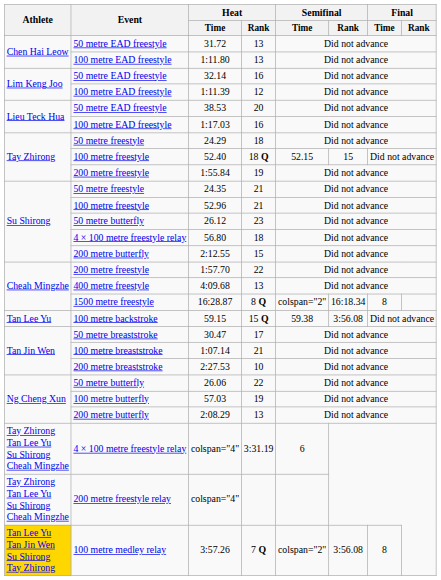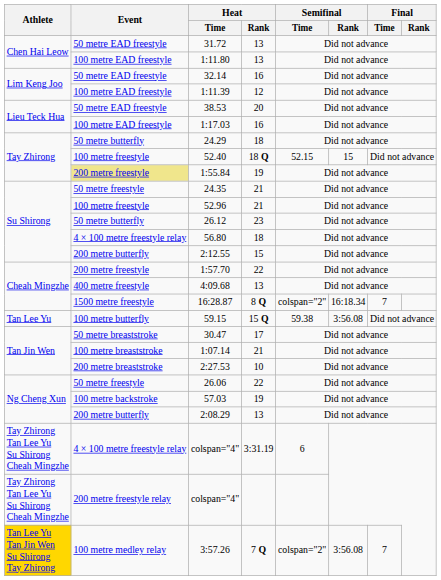 <table class="wikitable" style="font-size:90%">
 <tr>
 <th rowspan="2">Athlete</th>
 <th rowspan="2">Event</th>
 <th colspan="2">Heat</th>
 <th colspan="2">Semifinal</th>
 <th colspan="2">Final</th>
 </tr>
 <tr style="font-size:95%">
 <th>Time</th>
 <th>Rank</th>
 <th>Time</th>
 <th>Rank</th>
 <th>Time</th>
 <th>Rank</th>
 </tr>
 <tr align="center">
 <td rowspan="2" align="left"><a href='#'>Chen Hai Leow</a></td>
 <td align="left"><a href='#'>50 metre EAD freestyle</a></td>
 <td>31.72</td>
 <td>13</td>
 <td colspan="4">Did not advance</td>
 </tr>
 <tr align="center">
 <td align="left"><a href='#'>100 metre EAD freestyle</a></td>
 <td>1:11.80</td>
 <td>13</td>
 <td colspan="4">Did not advance</td>
 </tr>
 <tr align="center">
 <td rowspan="2" align="left"><a href='#'>Lim Keng Joo</a></td>
 <td align="left"><a href='#'>50 metre EAD freestyle</a></td>
 <td>32.14</td>
 <td>16</td>
 <td colspan="4">Did not advance</td>
 </tr>
 <tr align="center">
 <td align="left"><a href='#'>100 metre EAD freestyle</a></td>
 <td>1:11.39</td>
 <td>12</td>
 <td colspan="4">Did not advance</td>
 </tr>
 <tr align="center">
 <td rowspan="2" align="left"><a href='#'>Lieu Teck Hua</a></td>
 <td align="left"><a href='#'>50 metre EAD freestyle</a></td>
 <td>38.53</td>
 <td>20</td>
 <td colspan="4">Did not advance</td>
 </tr>
 <tr align="center">
 <td align="left"><a href='#'>100 metre EAD freestyle</a></td>
 <td>1:17.03</td>
 <td>16</td>
 <td colspan="4">Did not advance</td>
 </tr>
 <tr align="center">
 <td align="left"  rowspan="3"><a href='#'>Tay Zhirong</a></td>
-<td align="left"><a href='#'>50 metre freestyle</a></td>
+<td align="left"><a href='#'>50 metre butterfly</a></td>
 <td>24.29</td>
 <td>18</td>
 <td colspan="4">Did not advance</td>
 </tr>
 <tr align="center">
 <td align="left"><a href='#'>100 metre freestyle</a></td>
 <td>52.40</td>
 <td>18 <strong>Q</strong></td>
 <td>52.15</td>
 <td>15</td>
 <td colspan="2">Did not advance</td>
 </tr>
 <tr align="center">
-<td align="left"><a href='#'>200 metre freestyle</a></td>
+<td align="left" style="background: khaki;"><a href='#'>200 metre freestyle</a></td>
 <td>1:55.84</td>
 <td>19</td>
 <td colspan="4">Did not advance</td>
 </tr>
 <tr align="center">
 <td align="left" rowspan="5"><a href='#'>Su Shirong</a></td>
 <td align="left"><a href='#'>50 metre freestyle</a></td>
 <td>24.35</td>
 <td>21</td>
 <td colspan="4">Did not advance</td>
 </tr>
 <tr align="center">
 <td align="left"><a href='#'>100 metre freestyle</a></td>
 <td>52.96</td>
 <td>21</td>
 <td colspan="4">Did not advance</td>
 </tr>
 <tr align="center">
 <td align="left"><a href='#'>50 metre butterfly</a></td>
 <td>26.12</td>
 <td>23</td>
 <td colspan="4">Did not advance</td>
 </tr>
 <tr align="center">
 <td align="left"><a href='#'>4 × 100 metre freestyle relay</a></td>
 <td>56.80</td>
 <td>18</td>
 <td colspan="4">Did not advance</td>
 </tr>
 <tr align="center">
 <td align="left"><a href='#'>200 metre butterfly</a></td>
 <td>2:12.55</td>
 <td>15</td>
 <td colspan="4">Did not advance</td>
 </tr>
 <tr align="center">
 <td rowspan="3" align="left"><a href='#'>Cheah Mingzhe</a></td>
 <td align="left"><a href='#'>200 metre freestyle</a></td>
 <td>1:57.70</td>
 <td>22</td>
 <td colspan="4">Did not advance</td>
 </tr>
 <tr align="center">
 <td align="left"><a href='#'>400 metre freestyle</a></td>
 <td>4:09.68</td>
 <td>13</td>
 <td colspan="4">Did not advance</td>
 </tr>
 <tr align="center">
 <td align="left"><a href='#'>1500 metre freestyle</a></td>
 <td>16:28.87</td>
 <td>8 <strong>Q</strong></td>
 <td>colspan="2" </td>
 <td>16:18.34</td>
-<td>8</td>
+<td>7</td>
 </tr>
 <tr align="center">
 <td align="left"><a href='#'>Tan Lee Yu</a></td>
-<td align="left"><a href='#'>100 metre backstroke</a></td>
+<td align="left"><a href='#'>100 metre butterfly</a></td>
 <td>59.15</td>
 <td>15 <strong>Q</strong></td>
 <td>59.38</td>
 <td>3:56.08</td>
 <td colspan="2">Did not advance</td>
 </tr>
 <tr align="center">
 <td align="left"  rowspan="3"><a href='#'>Tan Jin Wen</a></td>
 <td align="left"><a href='#'>50 metre breaststroke</a></td>
 <td>30.47</td>
 <td>17</td>
 <td colspan="4">Did not advance</td>
 </tr>
 <tr align="center">
 <td align="left"><a href='#'>100 metre breaststroke</a></td>
 <td>1:07.14</td>
 <td>21</td>
 <td colspan="4">Did not advance</td>
 </tr>
 <tr align="center">
 <td align="left"><a href='#'>200 metre breaststroke</a></td>
 <td>2:27.53</td>
 <td>10</td>
 <td colspan="4">Did not advance</td>
 </tr>
 <tr align="center">
 <td align="left" rowspan="3"><a href='#'>Ng Cheng Xun</a></td>
-<td align="left"><a href='#'>50 metre butterfly</a></td>
+<td align="left"><a href='#'>50 metre freestyle</a></td>
 <td>26.06</td>
 <td>22</td>
 <td colspan="4">Did not advance</td>
 </tr>
 <tr align="center">
-<td align="left"><a href='#'>100 metre butterfly</a></td>
+<td align="left"><a href='#'>100 metre backstroke</a></td>
 <td>57.03</td>
 <td>19</td>
 <td colspan="4">Did not advance</td>
 </tr>
 <tr align="center">
 <td align="left"><a href='#'>200 metre butterfly</a></td>
 <td>2:08.29</td>
 <td>13</td>
 <td colspan="4">Did not advance</td>
 </tr>
 <tr align="center">
 <td align="left"><a href='#'>Tay Zhirong</a><br><a href='#'>Tan Lee Yu</a><br><a href='#'>Su Shirong</a><br><a href='#'>Cheah Mingzhe</a></td>
 <td align="left"><a href='#'>4 × 100 metre freestyle relay</a></td>
 <td>colspan="4" </td>
 <td>3:31.19</td>
 <td>6</td>
 </tr>
 <tr align="center">
 <td align="left"><a href='#'>Tay Zhirong</a><br><a href='#'>Tan Lee Yu</a><br><a href='#'>Su Shirong</a><br><a href='#'>Cheah Mingzhe</a></td>
 <td align="left"><a href='#'>200 metre freestyle relay</a></td>
 <td>colspan="4" </td>
 <td></td>
 <td></td>
 </tr>
 <tr align="center">
 <td align="left" style="background: gold;"><a href='#'>Tan Lee Yu</a><br><a href='#'>Tan Jin Wen</a><br><a href='#'>Su Shirong</a><br><a href='#'>Tay Zhirong</a></td>
 <td align="left"><a href='#'>100 metre medley relay</a></td>
 <td>3:57.26</td>
 <td>7 <strong>Q</strong></td>
 <td>colspan="2" </td>
 <td>3:56.08</td>
-<td>8</td>
+<td>7</td>
 </tr>
 </table>
